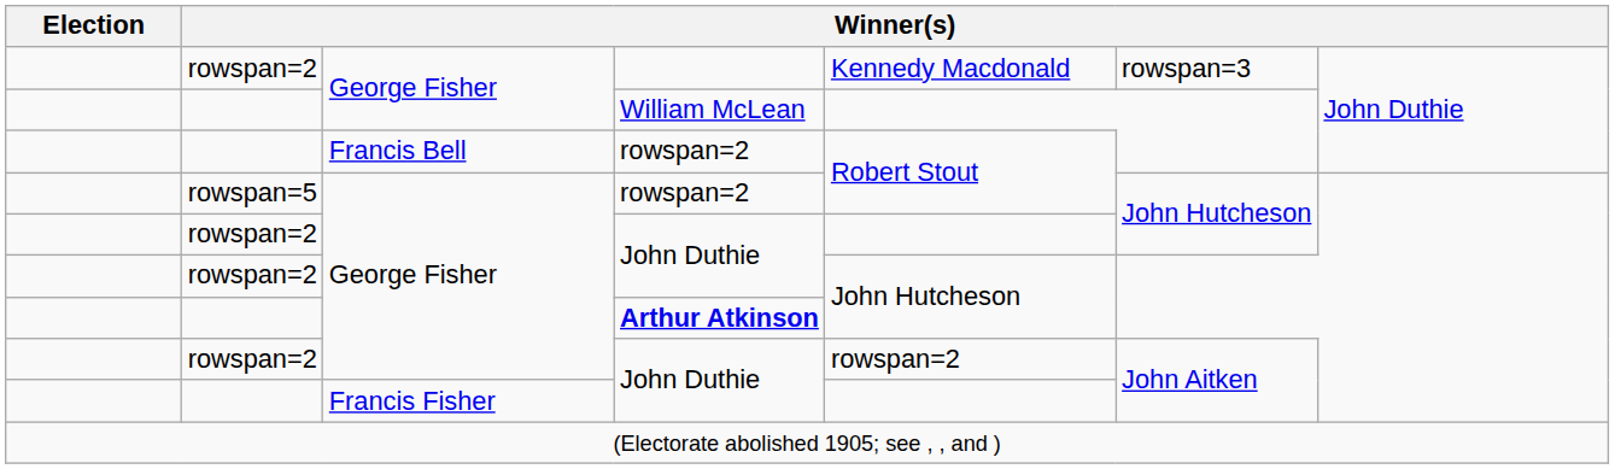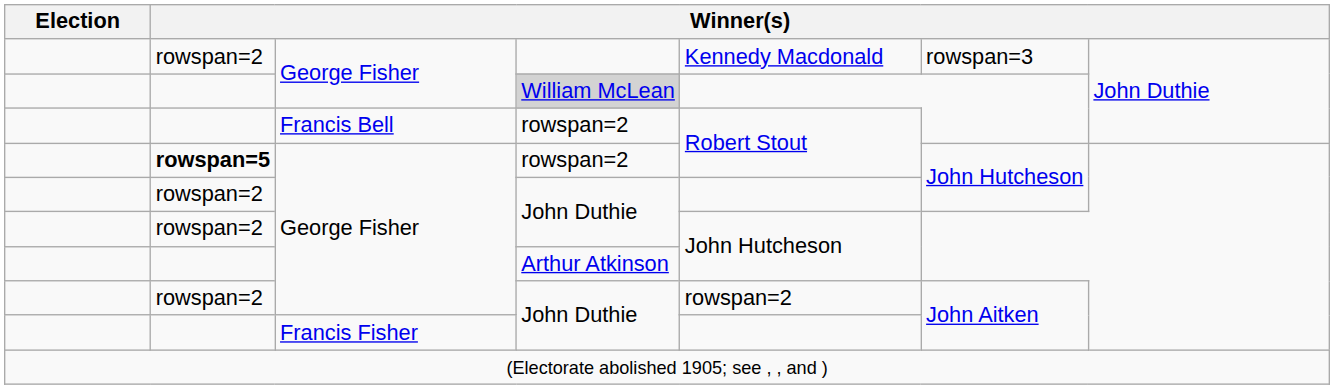 <table class=wikitable>
 <tr>
 <th width=100>Election</th>
 <th colspan=6>Winner(s)</th>
 </tr>
 <tr>
 <td></td>
 <td>rowspan=2 </td>
 <td width=170 rowspan=2><a href='#'>George Fisher</a></td>
 <td></td>
 <td width=170><a href='#'>Kennedy Macdonald</a></td>
 <td>rowspan=3 </td>
 <td width=170 rowspan=3><a href='#'>John Duthie</a></td>
 </tr>
 <tr>
 <td></td>
 <td></td>
-<td><a href='#'>William McLean</a></td>
+<td style="background: lightgrey;"><a href='#'>William McLean</a></td>
 </tr>
 <tr>
 <td></td>
 <td></td>
 <td><a href='#'>Francis Bell</a></td>
 <td>rowspan=2 </td>
 <td rowspan=2><a href='#'>Robert Stout</a></td>
 </tr>
 <tr>
 <td></td>
-<td>rowspan=5 </td>
+<td><strong>rowspan=5 </strong></td>
 <td rowspan=5>George Fisher</td>
 <td>rowspan=2 </td>
 <td rowspan=2><a href='#'>John Hutcheson</a></td>
 </tr>
 <tr>
 <td></td>
 <td>rowspan=2 </td>
 <td rowspan=2>John Duthie</td>
 </tr>
 <tr>
 <td></td>
 <td>rowspan=2 </td>
 <td rowspan=2>John Hutcheson</td>
 </tr>
 <tr>
 <td></td>
 <td></td>
-<td><strong><a href='#'>Arthur Atkinson</a></strong></td>
+<td><a href='#'>Arthur Atkinson</a></td>
 </tr>
 <tr>
 <td></td>
 <td>rowspan=2 </td>
 <td rowspan=2>John Duthie</td>
 <td>rowspan=2 </td>
 <td rowspan=2><a href='#'>John Aitken</a></td>
 </tr>
 <tr>
 <td></td>
 <td></td>
 <td><a href='#'>Francis Fisher</a></td>
 </tr>
 <tr>
 <td colspan=7 align=center><small>(Electorate abolished 1905; see , , and )</small></td>
 </tr>
 </table>
